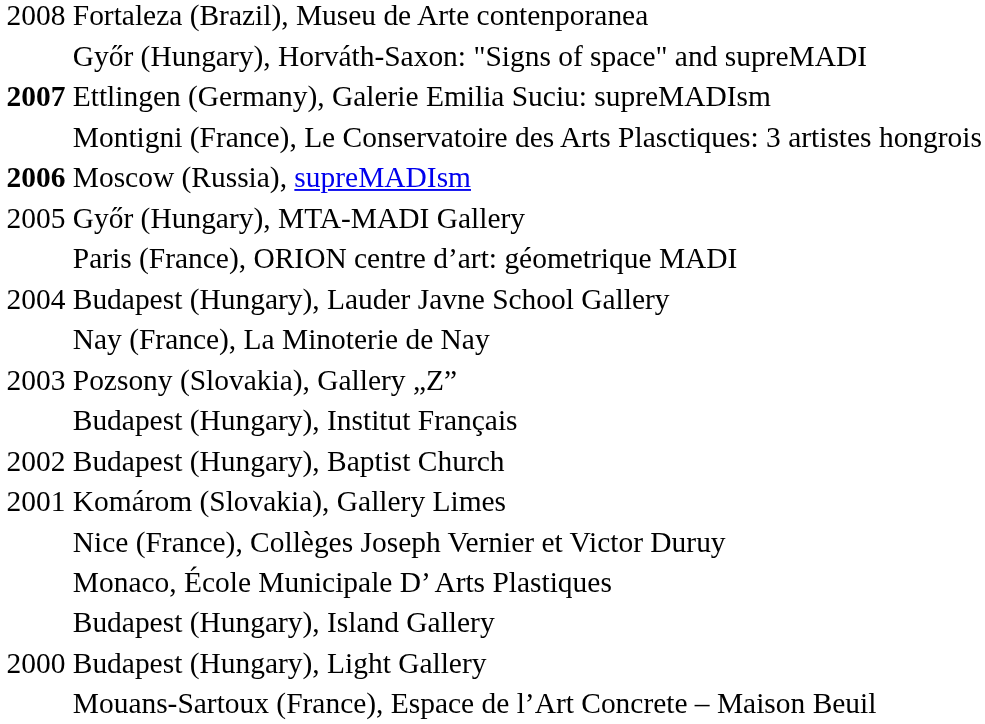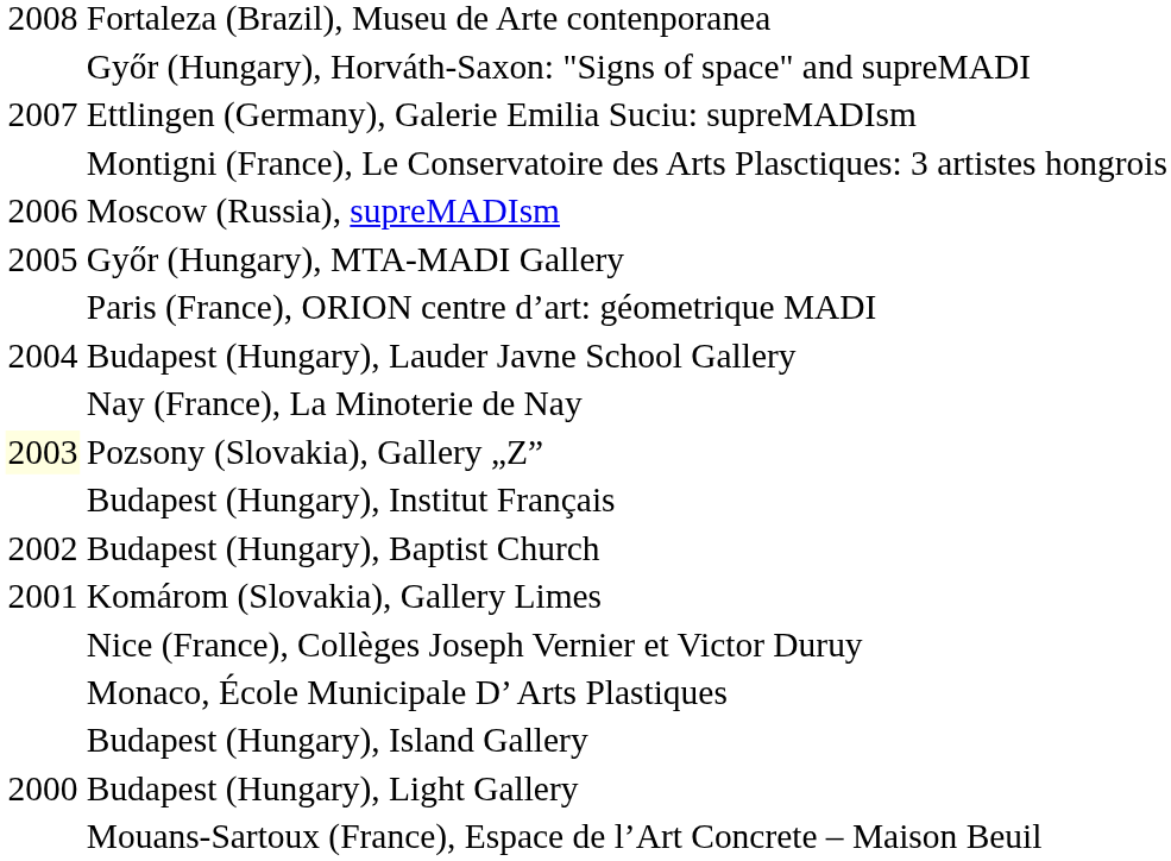 <table ->
 <tr>
 <td>2008</td>
 <td>Fortaleza (Brazil), Museu de Arte contenporanea</td>
 </tr>
 <tr>
 <td></td>
 <td>Győr (Hungary), Horváth-Saxon: "Signs of space" and supreMADI</td>
 </tr>
 <tr>
-<td><strong>2007</strong></td>
+<td>2007</td>
 <td>Ettlingen (Germany), Galerie Emilia Suciu: supreMADIsm</td>
 </tr>
 <tr>
 <td></td>
 <td>Montigni (France), Le Conservatoire des Arts Plasctiques: 3 artistes hongrois</td>
 </tr>
 <tr>
-<td><strong>2006</strong></td>
+<td>2006</td>
 <td>Moscow (Russia), <a href='#'>supreMADIsm</a></td>
 </tr>
 <tr>
 <td>2005</td>
 <td>Győr (Hungary), MTA-MADI Gallery</td>
 </tr>
 <tr>
 <td></td>
 <td>Paris (France), ORION centre d’art: géometrique MADI</td>
 </tr>
 <tr>
 <td>2004</td>
 <td>Budapest (Hungary), Lauder Javne School Gallery</td>
 </tr>
 <tr>
 <td></td>
 <td>Nay (France), La Minoterie de Nay</td>
 </tr>
 <tr>
-<td>2003</td>
+<td style="background: lightyellow;">2003</td>
 <td>Pozsony (Slovakia), Gallery „Z”</td>
 </tr>
 <tr>
 <td></td>
 <td>Budapest (Hungary), Institut Français</td>
 </tr>
 <tr>
 <td>2002</td>
 <td>Budapest (Hungary), Baptist Church</td>
 </tr>
 <tr>
 <td>2001</td>
 <td>Komárom (Slovakia), Gallery Limes</td>
 </tr>
 <tr>
 <td></td>
 <td>Nice (France), Collèges Joseph Vernier et Victor Duruy</td>
 </tr>
 <tr>
 <td></td>
 <td>Monaco, École Municipale D’ Arts Plastiques</td>
 </tr>
 <tr>
 <td></td>
 <td>Budapest (Hungary), Island Gallery</td>
 </tr>
 <tr>
 <td>2000</td>
 <td>Budapest (Hungary), Light Gallery</td>
 </tr>
 <tr>
 <td></td>
 <td>Mouans-Sartoux (France), Espace de l’Art Concrete – Maison Beuil</td>
 </tr>
 </table>
